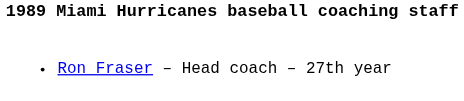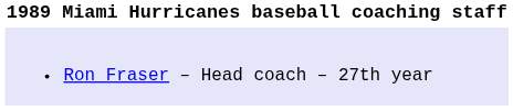 <table class="toccolours">
 <tr>
 <th colspan=9>1989 Miami Hurricanes baseball coaching staff</th>
 </tr>
 <tr>
-<td style="text-align: left; font-size: 95%;" valign="top"><br><ul><li><a href='#'>Ron Fraser</a> – Head coach – 27th year</li></ul></td>
+<td style="background: lavender; text-align: left; font-size: 95%;" valign="top"><br><ul><li><a href='#'>Ron Fraser</a> – Head coach – 27th year</li></ul></td>
 </tr>
 </table>
